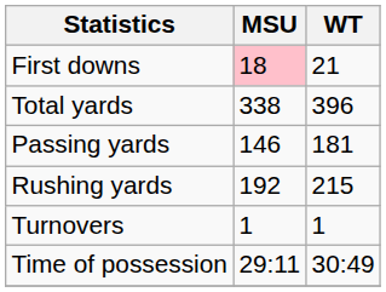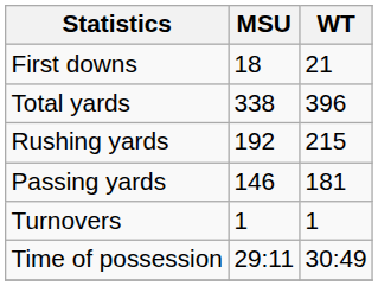 <table class="wikitable">
 <tr>
 <th>Statistics</th>
 <th>MSU</th>
 <th>WT</th>
 </tr>
 <tr>
 <td>First downs</td>
-<td style="background: pink;">18</td>
+<td>18</td>
 <td>21</td>
 </tr>
 <tr>
 <td>Total yards</td>
 <td>338</td>
 <td>396</td>
 </tr>
 <tr>
+<td>Rushing yards</td>
+<td>192</td>
+<td>215</td>
+</tr>
+<tr>
 <td>Passing yards</td>
 <td>146</td>
 <td>181</td>
-</tr>
-<tr>
-<td>Rushing yards</td>
-<td>192</td>
-<td>215</td>
 </tr>
 <tr>
 <td>Turnovers</td>
 <td>1</td>
 <td>1</td>
 </tr>
 <tr>
 <td>Time of possession</td>
 <td>29:11</td>
 <td>30:49</td>
 </tr>
 <tr>
 </tr>
 </table>
